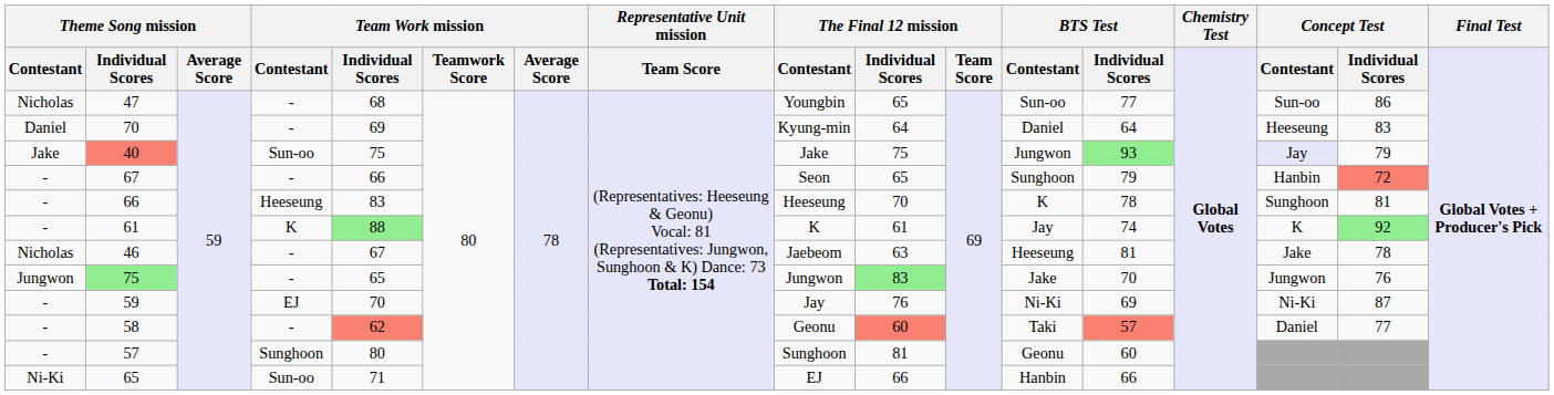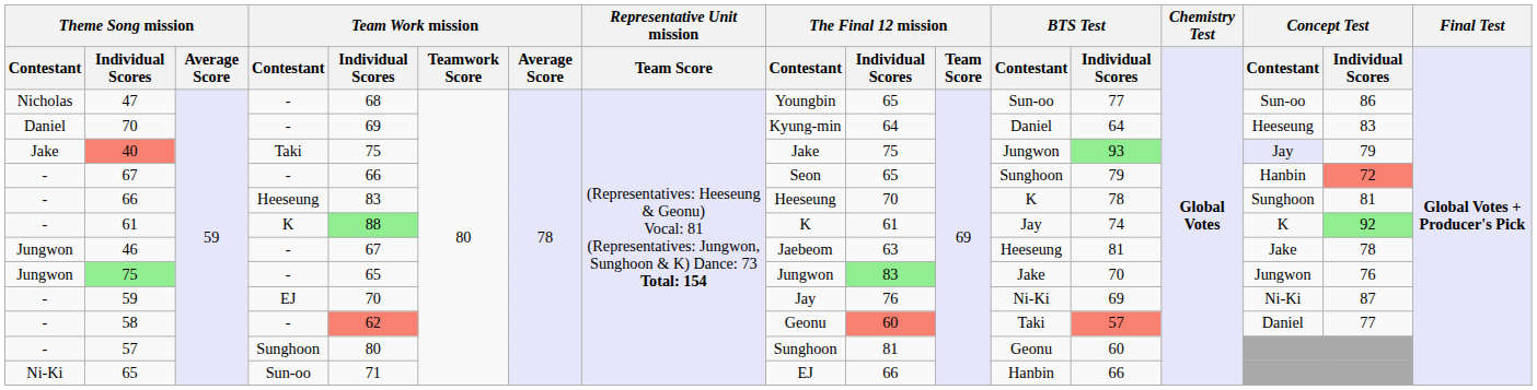 <table class="wikitable sortable" style="text-align:center">
 <tr>
 <th colspan="3"><em>Theme Song</em> mission</th>
 <th colspan="4"><em>Team Work</em> mission</th>
 <th><em>Representative Unit</em> mission</th>
 <th colspan="3"><em>The Final 12</em> mission</th>
 <th colspan="2"><em>BTS Test</em></th>
 <th class="unsortable"><em>Chemistry Test</em></th>
 <th colspan="2"><em>Concept Test</em></th>
 <th class="unsortable"><em>Final Test</em></th>
 </tr>
 <tr>
 <th>Contestant</th>
 <th>Individual Scores</th>
 <th class="unsortable">Average Score</th>
 <th>Contestant</th>
 <th>Individual Scores</th>
 <th>Teamwork Score</th>
 <th class="unsortable">Average Score</th>
 <th class="unsortable">Team Score</th>
 <th>Contestant</th>
 <th>Individual Scores</th>
 <th class="unsortable">Team Score</th>
 <th>Contestant</th>
 <th>Individual Scores</th>
 <td rowspan="13" style="background: lavender;"><strong>Global Votes</strong></td>
 <th>Contestant</th>
 <th>Individual Scores</th>
 <td rowspan="13" style="background: lavender;"><strong>Global Votes + Producer's Pick</strong></td>
 </tr>
 <tr>
 <td>Nicholas</td>
 <td>47</td>
 <td rowspan="12" style="background: lavender;">59</td>
 <td>-</td>
 <td>68</td>
 <td rowspan="12">80</td>
 <td rowspan="12" style="background: lavender;">78</td>
 <td rowspan="14" style="background: lavender;">(Representatives: Heeseung & Geonu)<br>Vocal: 81<br>(Representatives: Jungwon, Sunghoon & K) Dance: 73<br><strong>Total: 154</strong></td>
 <td>Youngbin</td>
 <td>65</td>
 <td rowspan="12" style="background: lavender;">69</td>
 <td>Sun-oo</td>
 <td>77</td>
 <td>Sun-oo</td>
 <td>86</td>
 </tr>
 <tr>
 <td>Daniel</td>
 <td>70</td>
 <td>-</td>
 <td>69</td>
 <td>Kyung-min</td>
 <td>64</td>
 <td>Daniel</td>
 <td>64</td>
 <td>Heeseung</td>
 <td>83</td>
 </tr>
 <tr>
 <td>Jake</td>
 <td style="background: salmon;">40</td>
-<td>Sun-oo</td>
+<td>Taki</td>
 <td>75</td>
 <td>Jake</td>
 <td>75</td>
 <td>Jungwon</td>
 <td style="background: #90EE90;">93</td>
 <td style="background: lavender;">Jay</td>
 <td>79</td>
 </tr>
 <tr>
 <td>-</td>
 <td>67</td>
 <td>-</td>
 <td>66</td>
 <td>Seon</td>
 <td>65</td>
 <td>Sunghoon</td>
 <td>79</td>
 <td>Hanbin</td>
 <td style="background: salmon;">72</td>
 </tr>
 <tr>
 <td>-</td>
 <td>66</td>
 <td>Heeseung</td>
 <td>83</td>
 <td>Heeseung</td>
 <td>70</td>
 <td>K</td>
 <td>78</td>
 <td>Sunghoon</td>
 <td>81</td>
 </tr>
 <tr>
 <td>-</td>
 <td>61</td>
 <td>K</td>
 <td style="background: #90EE90;">88</td>
 <td>K</td>
 <td>61</td>
 <td>Jay</td>
 <td>74</td>
 <td>K</td>
 <td style="background: #90EE90;">92</td>
 </tr>
 <tr>
-<td>Nicholas</td>
+<td>Jungwon</td>
 <td>46</td>
 <td>-</td>
 <td>67</td>
 <td>Jaebeom</td>
 <td>63</td>
 <td>Heeseung</td>
 <td>81</td>
 <td>Jake</td>
 <td>78</td>
 </tr>
 <tr>
 <td>Jungwon</td>
 <td style="background: #90EE90;">75</td>
 <td>-</td>
 <td>65</td>
 <td>Jungwon</td>
 <td style="background: #90EE90;">83</td>
 <td>Jake</td>
 <td>70</td>
 <td>Jungwon</td>
 <td>76</td>
 </tr>
 <tr>
 <td>-</td>
 <td>59</td>
 <td>EJ</td>
 <td>70</td>
 <td>Jay</td>
 <td>76</td>
 <td>Ni-Ki</td>
 <td>69</td>
 <td>Ni-Ki</td>
 <td>87</td>
 </tr>
 <tr>
 <td>-</td>
 <td>58</td>
 <td>-</td>
 <td style="background: salmon;">62</td>
 <td>Geonu</td>
 <td style="background: salmon;">60</td>
 <td>Taki</td>
 <td style="background: salmon;">57</td>
 <td>Daniel</td>
 <td>77</td>
 </tr>
 <tr>
 <td>-</td>
 <td>57</td>
 <td>Sunghoon</td>
 <td>80</td>
 <td>Sunghoon</td>
 <td>81</td>
 <td>Geonu</td>
 <td>60</td>
 <td style="background:darkgray"></td>
 <td style="background:darkgray"></td>
 </tr>
 <tr>
 <td>Ni-Ki</td>
 <td>65</td>
 <td>Sun-oo</td>
 <td>71</td>
 <td>EJ</td>
 <td>66</td>
 <td>Hanbin</td>
 <td>66</td>
 <td style="background:darkgray"></td>
 <td style="background:darkgray"></td>
 </tr>
 </table>
